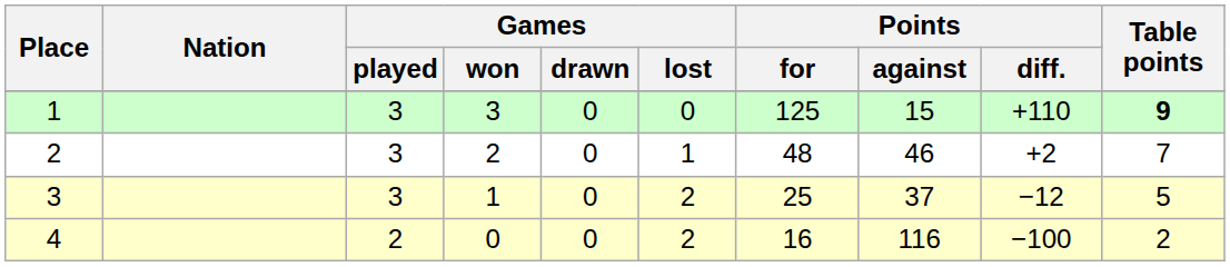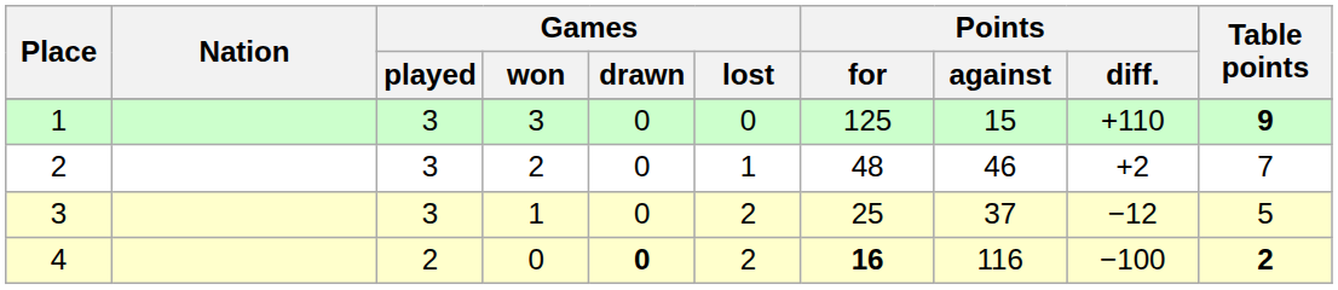 <table class="wikitable">
 <tr>
 <th rowspan=2 width="8%">Place</th>
 <th rowspan=2 width="20%">Nation</th>
 <th colspan=4 width="32%">Games</th>
 <th colspan=3 width="30%">Points</th>
 <th rowspan=2 width="10%">Table<br>points</th>
 </tr>
 <tr>
 <th width="8%">played</th>
 <th width="8%">won</th>
 <th width="8%">drawn</th>
 <th width="8%">lost</th>
 <th width="10%">for</th>
 <th width="10%">against</th>
 <th width="10%">diff.</th>
 </tr>
 <tr>
 </tr>
 <tr bgcolor=#ccffcc align=center>
 <td>1</td>
 <td align=left></td>
 <td>3</td>
 <td>3</td>
 <td>0</td>
 <td>0</td>
 <td>125</td>
 <td>15</td>
 <td>+110</td>
 <td><strong>9</strong></td>
 </tr>
 <tr bgcolor=#ffffff align=center>
 <td>2</td>
 <td align=left></td>
 <td>3</td>
 <td>2</td>
 <td>0</td>
 <td>1</td>
 <td>48</td>
 <td>46</td>
 <td>+2</td>
 <td>7</td>
 </tr>
 <tr bgcolor=#ffffcc align=center>
 <td>3</td>
 <td align=left></td>
 <td>3</td>
 <td>1</td>
 <td>0</td>
 <td>2</td>
 <td>25</td>
 <td>37</td>
 <td>−12</td>
 <td>5</td>
 </tr>
 <tr bgcolor=#ffffcc align=center>
 <td>4</td>
 <td align=left></td>
 <td>2</td>
 <td>0</td>
-<td>0</td>
+<td><strong>0</strong></td>
 <td>2</td>
-<td>16</td>
+<td><strong>16</strong></td>
 <td>116</td>
 <td>−100</td>
-<td>2</td>
+<td><strong>2</strong></td>
 </tr>
 </table>
